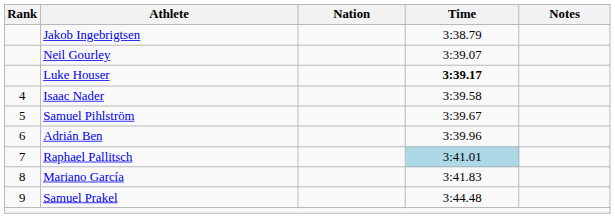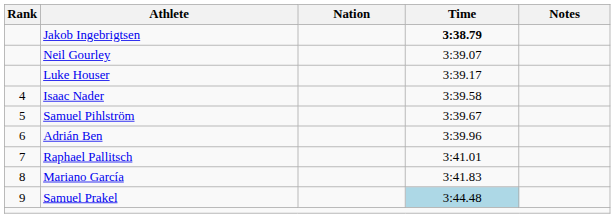 <table class="wikitable sortable" style="text-align:center;width: 60%;">
 <tr>
 <th scope="col" style="width: 10px;">Rank</th>
 <th scope="col">Athlete</th>
 <th scope="col">Nation</th>
 <th scope="col">Time</th>
 <th scope="col">Notes</th>
 </tr>
 <tr>
 <td></td>
 <td align=left><a href='#'>Jakob Ingebrigtsen</a></td>
 <td align=left></td>
-<td>3:38.79</td>
+<td><strong>3:38.79</strong></td>
 <td></td>
 </tr>
 <tr>
 <td></td>
 <td align=left><a href='#'>Neil Gourley</a></td>
 <td align=left></td>
 <td>3:39.07</td>
 <td></td>
 </tr>
 <tr>
 <td></td>
 <td align=left><a href='#'>Luke Houser</a></td>
 <td align=left></td>
-<td><strong>3:39.17</strong></td>
+<td>3:39.17</td>
 <td></td>
 </tr>
 <tr>
 <td>4</td>
 <td align=left><a href='#'>Isaac Nader</a></td>
 <td align=left></td>
 <td>3:39.58</td>
 <td></td>
 </tr>
 <tr>
 <td>5</td>
 <td align=left><a href='#'>Samuel Pihlström</a></td>
 <td align=left></td>
 <td>3:39.67</td>
 <td></td>
 </tr>
 <tr>
 <td>6</td>
 <td align=left><a href='#'>Adrián Ben</a></td>
 <td align=left></td>
 <td>3:39.96</td>
 <td></td>
 </tr>
 <tr>
 <td>7</td>
 <td align=left><a href='#'>Raphael Pallitsch</a></td>
 <td align=left></td>
-<td style="background: lightblue;">3:41.01</td>
+<td>3:41.01</td>
 <td></td>
 </tr>
 <tr>
 <td>8</td>
 <td align=left><a href='#'>Mariano García</a></td>
 <td align=left></td>
 <td>3:41.83</td>
 <td></td>
 </tr>
 <tr>
 <td>9</td>
 <td align=left><a href='#'>Samuel Prakel</a></td>
 <td align=left></td>
-<td>3:44.48</td>
+<td style="background: lightblue;">3:44.48</td>
 <td></td>
 </tr>
 <tr class="sortbottom">
 <td colspan="5"></td>
 </tr>
 </table>
